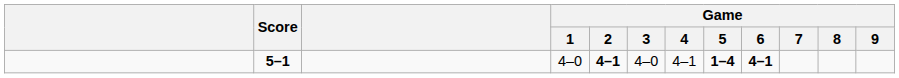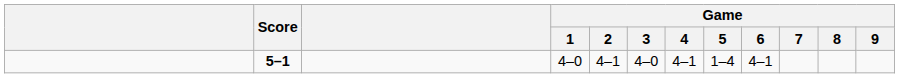 <table class="wikitable" style="text-align: center;">
 <tr>
 <th rowspan=2 align="right" width="270"></th>
 <th rowspan=2 width="45">Score</th>
 <th rowspan=2 align="left" width="270"></th>
 <th colspan=9>Game</th>
 </tr>
 <tr>
 <th width="35">1</th>
 <th width="35">2</th>
 <th width="35">3</th>
 <th width="35">4</th>
 <th width="35">5</th>
 <th width="35">6</th>
 <th width="35">7</th>
 <th width="35">8</th>
 <th width="35">9</th>
 </tr>
 <tr>
 <td align=left><strong><br></strong></td>
 <td align=center><strong>5–1</strong></td>
 <td align=left><br></td>
 <td>4–0</td>
-<td><strong>4–1</strong></td>
+<td>4–1</td>
 <td>4–0</td>
 <td>4–1</td>
-<td><strong>1–4</strong></td>
-<td><strong>4–1</strong></td>
+<td>1–4</td>
+<td>4–1</td>
 <td></td>
 <td></td>
 <td></td>
 </tr>
 </table>
